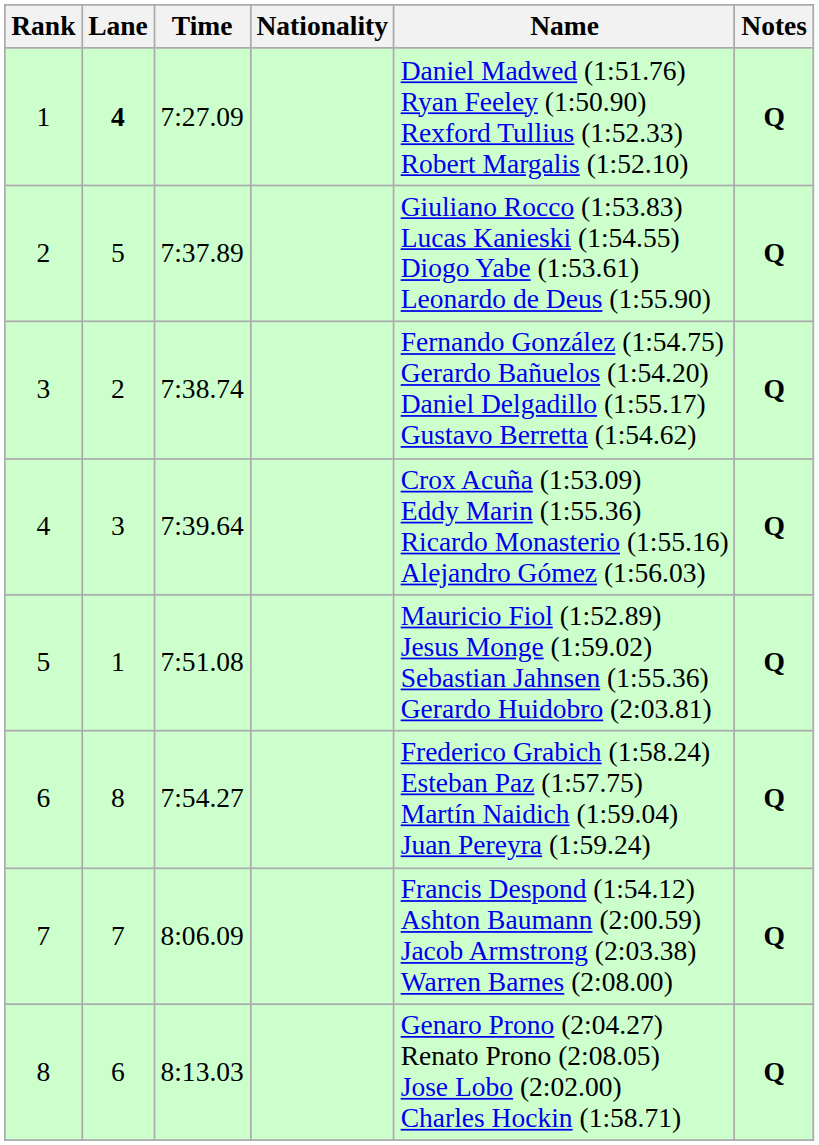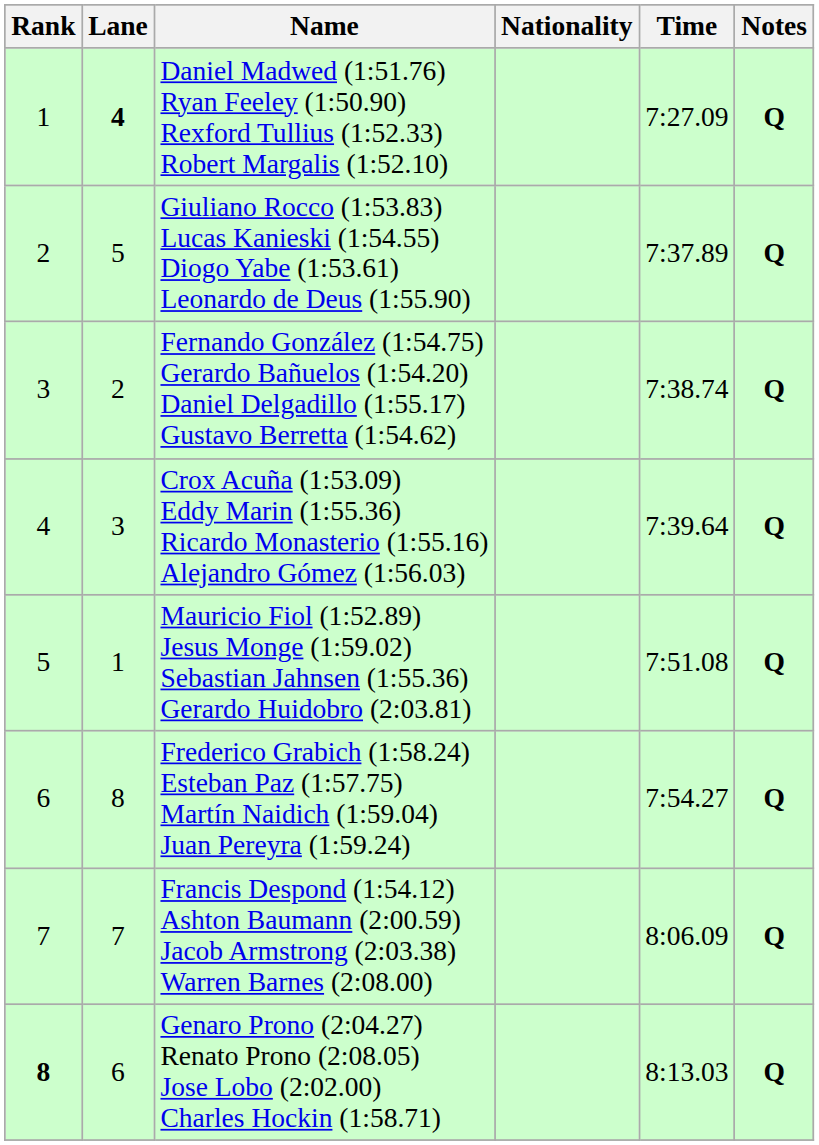 <table class="wikitable sortable" style="text-align:center">
 <tr>
 <th>Rank</th>
 <th>Lane</th>
+<th>Name</th>
+<th>Nationality</th>
 <th>Time</th>
-<th>Nationality</th>
-<th>Name</th>
 <th>Notes</th>
 </tr>
 <tr bgcolor=ccffcc>
 <td>1</td>
 <td><strong>4</strong></td>
+<td align=left><a href='#'>Daniel Madwed</a> (1:51.76) <br><a href='#'>Ryan Feeley</a> (1:50.90) <br><a href='#'>Rexford Tullius</a> (1:52.33) <br><a href='#'>Robert Margalis</a> (1:52.10)</td>
+<td align="left"></td>
 <td>7:27.09</td>
-<td align="left"></td>
-<td align=left><a href='#'>Daniel Madwed</a> (1:51.76) <br><a href='#'>Ryan Feeley</a> (1:50.90) <br><a href='#'>Rexford Tullius</a> (1:52.33) <br><a href='#'>Robert Margalis</a> (1:52.10)</td>
 <td><strong>Q</strong></td>
 </tr>
 <tr bgcolor=ccffcc>
 <td>2</td>
 <td>5</td>
+<td align=left><a href='#'>Giuliano Rocco</a> (1:53.83) <br><a href='#'>Lucas Kanieski</a> (1:54.55)<br><a href='#'>Diogo Yabe</a> (1:53.61)<br><a href='#'>Leonardo de Deus</a> (1:55.90)</td>
+<td align="left"></td>
 <td>7:37.89</td>
-<td align="left"></td>
-<td align=left><a href='#'>Giuliano Rocco</a> (1:53.83) <br><a href='#'>Lucas Kanieski</a> (1:54.55)<br><a href='#'>Diogo Yabe</a> (1:53.61)<br><a href='#'>Leonardo de Deus</a> (1:55.90)</td>
 <td><strong>Q</strong></td>
 </tr>
 <tr bgcolor=ccffcc>
 <td>3</td>
 <td>2</td>
+<td align=left><a href='#'>Fernando González</a> (1:54.75)<br><a href='#'>Gerardo Bañuelos</a> (1:54.20)<br><a href='#'>Daniel Delgadillo</a> (1:55.17)<br><a href='#'>Gustavo Berretta</a> (1:54.62)</td>
+<td align="left"></td>
 <td>7:38.74</td>
-<td align="left"></td>
-<td align=left><a href='#'>Fernando González</a> (1:54.75)<br><a href='#'>Gerardo Bañuelos</a> (1:54.20)<br><a href='#'>Daniel Delgadillo</a> (1:55.17)<br><a href='#'>Gustavo Berretta</a> (1:54.62)</td>
 <td><strong>Q</strong></td>
 </tr>
 <tr bgcolor=ccffcc>
 <td>4</td>
 <td>3</td>
+<td align=left><a href='#'>Crox Acuña</a> (1:53.09)<br><a href='#'>Eddy Marin</a> (1:55.36)<br><a href='#'>Ricardo Monasterio</a> (1:55.16)<br><a href='#'>Alejandro Gómez</a> (1:56.03)</td>
+<td align="left"></td>
 <td>7:39.64</td>
-<td align="left"></td>
-<td align=left><a href='#'>Crox Acuña</a> (1:53.09)<br><a href='#'>Eddy Marin</a> (1:55.36)<br><a href='#'>Ricardo Monasterio</a> (1:55.16)<br><a href='#'>Alejandro Gómez</a> (1:56.03)</td>
 <td><strong>Q</strong></td>
 </tr>
 <tr bgcolor=ccffcc>
 <td>5</td>
 <td>1</td>
+<td align=left><a href='#'>Mauricio Fiol</a> (1:52.89)<br><a href='#'>Jesus Monge</a> (1:59.02)<br><a href='#'>Sebastian Jahnsen</a> (1:55.36)<br><a href='#'>Gerardo Huidobro</a> (2:03.81)</td>
+<td align="left"></td>
 <td>7:51.08</td>
-<td align="left"></td>
-<td align=left><a href='#'>Mauricio Fiol</a> (1:52.89)<br><a href='#'>Jesus Monge</a> (1:59.02)<br><a href='#'>Sebastian Jahnsen</a> (1:55.36)<br><a href='#'>Gerardo Huidobro</a> (2:03.81)</td>
 <td><strong>Q</strong></td>
 </tr>
 <tr bgcolor=ccffcc>
 <td>6</td>
 <td>8</td>
+<td align=left><a href='#'>Frederico Grabich</a> (1:58.24)<br><a href='#'>Esteban Paz</a> (1:57.75)<br><a href='#'>Martín Naidich</a> (1:59.04)<br><a href='#'>Juan Pereyra</a> (1:59.24)</td>
+<td align="left"></td>
 <td>7:54.27</td>
-<td align="left"></td>
-<td align=left><a href='#'>Frederico Grabich</a> (1:58.24)<br><a href='#'>Esteban Paz</a> (1:57.75)<br><a href='#'>Martín Naidich</a> (1:59.04)<br><a href='#'>Juan Pereyra</a> (1:59.24)</td>
 <td><strong>Q</strong></td>
 </tr>
 <tr bgcolor=ccffcc>
 <td>7</td>
 <td>7</td>
+<td align=left><a href='#'>Francis Despond</a> (1:54.12)<br><a href='#'>Ashton Baumann</a> (2:00.59)<br><a href='#'>Jacob Armstrong</a> (2:03.38)<br><a href='#'>Warren Barnes</a> (2:08.00)</td>
+<td align="left"></td>
 <td>8:06.09</td>
-<td align="left"></td>
-<td align=left><a href='#'>Francis Despond</a> (1:54.12)<br><a href='#'>Ashton Baumann</a> (2:00.59)<br><a href='#'>Jacob Armstrong</a> (2:03.38)<br><a href='#'>Warren Barnes</a> (2:08.00)</td>
 <td><strong>Q</strong></td>
 </tr>
 <tr bgcolor=ccffcc>
-<td>8</td>
+<td><strong>8</strong></td>
 <td>6</td>
+<td align=left><a href='#'>Genaro Prono</a> (2:04.27)<br>Renato Prono (2:08.05)<br><a href='#'>Jose Lobo</a> (2:02.00)<br><a href='#'>Charles Hockin</a> (1:58.71)</td>
+<td align="left"></td>
 <td>8:13.03</td>
-<td align="left"></td>
-<td align=left><a href='#'>Genaro Prono</a> (2:04.27)<br>Renato Prono (2:08.05)<br><a href='#'>Jose Lobo</a> (2:02.00)<br><a href='#'>Charles Hockin</a> (1:58.71)</td>
 <td><strong>Q</strong></td>
 </tr>
 </table>
